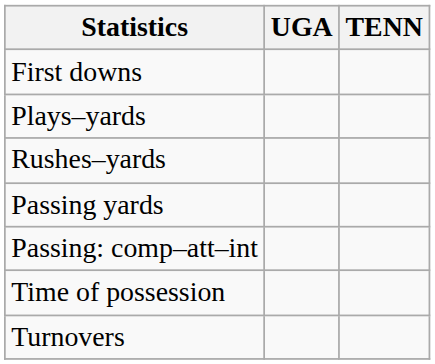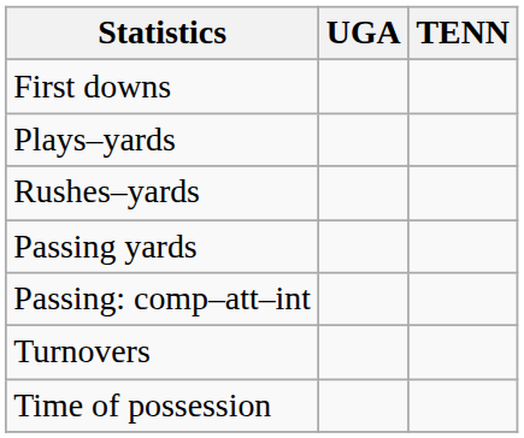 <table class="wikitable" style="float:left">
 <tr>
 <th>Statistics</th>
 <th>UGA</th>
 <th>TENN</th>
 </tr>
 <tr>
 <td>First downs</td>
 <td></td>
 <td></td>
 </tr>
 <tr>
 <td>Plays–yards</td>
 <td></td>
 <td></td>
 </tr>
 <tr>
 <td>Rushes–yards</td>
 <td></td>
 <td></td>
 </tr>
 <tr>
 <td>Passing yards</td>
 <td></td>
 <td></td>
 </tr>
 <tr>
 <td>Passing: comp–att–int</td>
 <td></td>
 <td></td>
 </tr>
 <tr>
+<td>Turnovers</td>
+<td></td>
+<td></td>
+</tr>
+<tr>
 <td>Time of possession</td>
 <td></td>
 <td></td>
 </tr>
-<tr>
-<td>Turnovers</td>
-<td></td>
-<td></td>
-</tr>
 </table>
